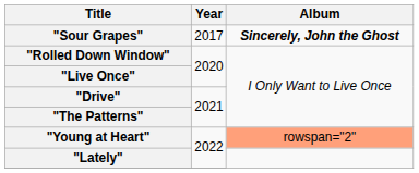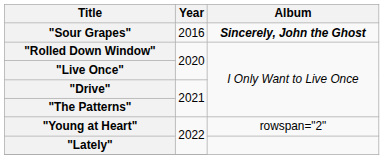 <table class="wikitable plainrowheaders" style="text-align:center;">
 <tr>
 <th scope="col" style="width:14em;">Title</th>
 <th scope="col">Year</th>
 <th scope="col" style="width:14em;">Album</th>
 </tr>
 <tr>
 <th scope="row">"Sour Grapes"</th>
-<td rowspan="1">2017</td>
+<td rowspan="1">2016</td>
 <td rowspan="1"><strong><em>Sincerely, John the Ghost</em></strong></td>
 </tr>
 <tr>
 <th scope="row">"Rolled Down Window"</th>
 <td rowspan="2">2020</td>
 <td rowspan="4"><em>I Only Want to Live Once</em></td>
 </tr>
 <tr>
 <th scope="row">"Live Once"</th>
 </tr>
 <tr>
 <th scope="row">"Drive"</th>
 <td rowspan="2">2021</td>
 </tr>
 <tr>
 <th scope="row">"The Patterns"</th>
 </tr>
 <tr>
 <th scope="row">"Young at Heart"</th>
 <td rowspan="2">2022</td>
-<td style="background: lightsalmon;">rowspan="2" </td>
+<td>rowspan="2" </td>
 </tr>
 <tr>
 <th scope="row">"Lately" <br></th>
 </tr>
 <tr>
 </tr>
 </table>
